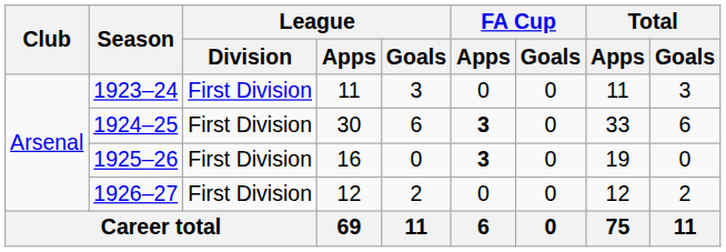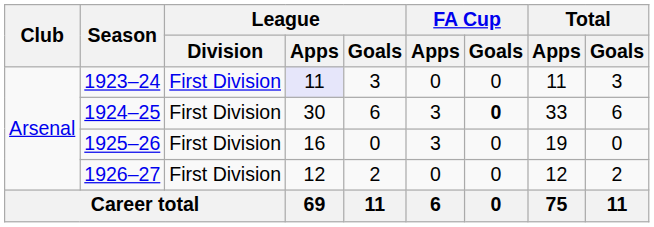 <table class="wikitable" style="text-align: center;">
 <tr>
 <th rowspan="2">Club</th>
 <th rowspan="2">Season</th>
 <th colspan="3">League</th>
 <th colspan="2"><a href='#'>FA Cup</a></th>
 <th colspan="2">Total</th>
 </tr>
 <tr>
 <th>Division</th>
 <th>Apps</th>
 <th>Goals</th>
 <th>Apps</th>
 <th>Goals</th>
 <th>Apps</th>
 <th>Goals</th>
 </tr>
 <tr>
 <td rowspan="4"><a href='#'>Arsenal</a></td>
 <td><a href='#'>1923–24</a></td>
 <td><a href='#'>First Division</a></td>
-<td>11</td>
+<td style="background: lavender;">11</td>
 <td>3</td>
 <td>0</td>
 <td>0</td>
 <td>11</td>
 <td>3</td>
 </tr>
 <tr>
 <td><a href='#'>1924–25</a></td>
 <td>First Division</td>
 <td>30</td>
 <td>6</td>
-<td><strong>3</strong></td>
-<td>0</td>
+<td>3</td>
+<td><strong>0</strong></td>
 <td>33</td>
 <td>6</td>
 </tr>
 <tr>
 <td><a href='#'>1925–26</a></td>
 <td>First Division</td>
 <td>16</td>
 <td>0</td>
-<td><strong>3</strong></td>
+<td>3</td>
 <td>0</td>
 <td>19</td>
 <td>0</td>
 </tr>
 <tr>
 <td><a href='#'>1926–27</a></td>
 <td>First Division</td>
 <td>12</td>
 <td>2</td>
 <td>0</td>
 <td>0</td>
 <td>12</td>
 <td>2</td>
 </tr>
 <tr>
 <th colspan="3">Career total</th>
 <th>69</th>
 <th>11</th>
 <th>6</th>
 <th>0</th>
 <th>75</th>
 <th>11</th>
 </tr>
 </table>
